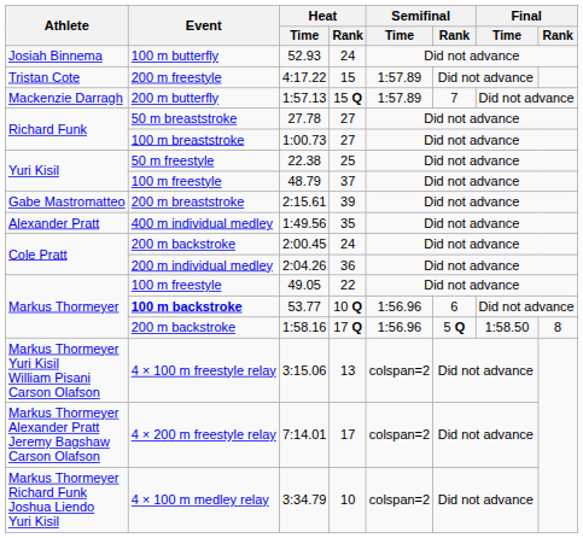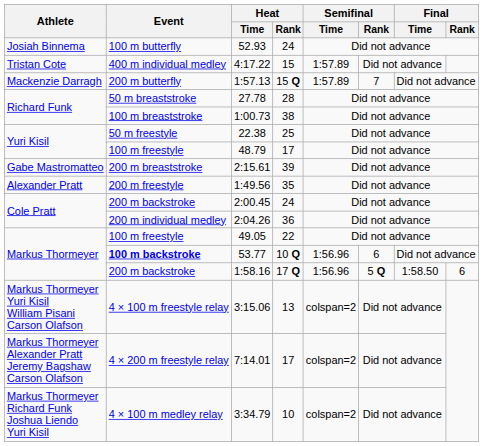 <table class=wikitable style="font-size:90%">
 <tr>
 <th rowspan="2">Athlete</th>
 <th rowspan="2">Event</th>
 <th colspan="2">Heat</th>
 <th colspan="2">Semifinal</th>
 <th colspan="2">Final</th>
 </tr>
 <tr style="font-size:95%">
 <th>Time</th>
 <th>Rank</th>
 <th>Time</th>
 <th>Rank</th>
 <th>Time</th>
 <th>Rank</th>
 </tr>
 <tr align=center>
 <td align=left><a href='#'>Josiah Binnema</a></td>
 <td align=left><a href='#'>100 m butterfly</a></td>
 <td>52.93</td>
 <td>24</td>
 <td colspan=4>Did not advance</td>
 </tr>
 <tr align=center>
 <td align=left><a href='#'>Tristan Cote</a></td>
-<td align=left><a href='#'>200 m freestyle</a></td>
+<td align=left><a href='#'>400 m individual medley</a></td>
 <td>4:17.22</td>
 <td>15</td>
 <td>1:57.89</td>
 <td colspan=2>Did not advance</td>
 </tr>
 <tr align=center>
 <td align=left><a href='#'>Mackenzie Darragh</a></td>
 <td align=left><a href='#'>200 m butterfly</a></td>
 <td>1:57.13</td>
 <td>15 <strong>Q</strong></td>
 <td>1:57.89</td>
 <td>7</td>
 <td colspan=2>Did not advance</td>
 </tr>
 <tr align=center>
 <td align=left rowspan=2><a href='#'>Richard Funk</a></td>
 <td align=left><a href='#'>50 m breaststroke</a></td>
 <td>27.78</td>
-<td>27</td>
+<td>28</td>
 <td colspan=4>Did not advance</td>
 </tr>
 <tr align=center>
 <td align=left><a href='#'>100 m breaststroke</a></td>
 <td>1:00.73</td>
-<td>27</td>
+<td>38</td>
 <td colspan=4>Did not advance</td>
 </tr>
 <tr align=center>
 <td align=left rowspan=2><a href='#'>Yuri Kisil</a></td>
 <td align=left><a href='#'>50 m freestyle</a></td>
 <td>22.38</td>
 <td>25</td>
 <td colspan=4>Did not advance</td>
 </tr>
 <tr align=center>
 <td align=left><a href='#'>100 m freestyle</a></td>
 <td>48.79</td>
-<td>37</td>
+<td>17</td>
 <td colspan=4>Did not advance</td>
 </tr>
 <tr align=center>
 <td align=left><a href='#'>Gabe Mastromatteo</a></td>
 <td align=left><a href='#'>200 m breaststroke</a></td>
 <td>2:15.61</td>
 <td>39</td>
 <td colspan=4>Did not advance</td>
 </tr>
 <tr align=center>
 <td align=left><a href='#'>Alexander Pratt</a></td>
-<td align=left><a href='#'>400 m individual medley</a></td>
+<td align=left><a href='#'>200 m freestyle</a></td>
 <td>1:49.56</td>
 <td>35</td>
 <td colspan=4>Did not advance</td>
 </tr>
 <tr align=center>
 <td align=left rowspan=2><a href='#'>Cole Pratt</a></td>
 <td align=left><a href='#'>200 m backstroke</a></td>
 <td>2:00.45</td>
 <td>24</td>
 <td colspan=4>Did not advance</td>
 </tr>
 <tr align=center>
 <td align=left><a href='#'>200 m individual medley</a></td>
 <td>2:04.26</td>
 <td>36</td>
 <td colspan=4>Did not advance</td>
 </tr>
 <tr align=center>
 <td align=left rowspan=3><a href='#'>Markus Thormeyer</a></td>
 <td align=left><a href='#'>100 m freestyle</a></td>
 <td>49.05</td>
 <td>22</td>
 <td colspan=4>Did not advance</td>
 </tr>
 <tr align=center>
 <td align=left><strong><a href='#'>100 m backstroke</a></strong></td>
 <td>53.77</td>
 <td>10 <strong>Q</strong></td>
 <td>1:56.96</td>
 <td>6</td>
 <td colspan=2>Did not advance</td>
 </tr>
 <tr align=center>
 <td align=left><a href='#'>200 m backstroke</a></td>
 <td>1:58.16</td>
 <td>17 <strong>Q</strong></td>
 <td>1:56.96</td>
 <td>5 <strong>Q</strong></td>
 <td>1:58.50</td>
-<td>8</td>
+<td>6</td>
 </tr>
 <tr align=center>
 <td align=left><a href='#'>Markus Thormeyer</a><br><a href='#'>Yuri Kisil</a><br><a href='#'>William Pisani</a><br><a href='#'>Carson Olafson</a></td>
 <td align=left><a href='#'>4 × 100 m freestyle relay</a></td>
 <td>3:15.06</td>
 <td>13</td>
 <td>colspan=2 </td>
 <td colspan=2>Did not advance</td>
 </tr>
 <tr align=center>
 <td align=left><a href='#'>Markus Thormeyer</a><br><a href='#'>Alexander Pratt</a><br><a href='#'>Jeremy Bagshaw</a><br><a href='#'>Carson Olafson</a></td>
 <td align=left><a href='#'>4 × 200 m freestyle relay</a></td>
 <td>7:14.01</td>
 <td>17</td>
 <td>colspan=2 </td>
 <td colspan=2>Did not advance</td>
 </tr>
 <tr align=center>
 <td align=left><a href='#'>Markus Thormeyer</a><br><a href='#'>Richard Funk</a><br><a href='#'>Joshua Liendo</a><br><a href='#'>Yuri Kisil</a></td>
 <td align=left><a href='#'>4 × 100 m medley relay</a></td>
 <td>3:34.79</td>
 <td>10</td>
 <td>colspan=2 </td>
 <td colspan=2>Did not advance</td>
 </tr>
 </table>
